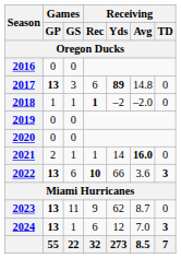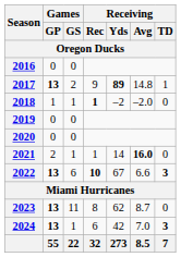 <table class="wikitable" style="text-align:center;">
 <tr>
 <th rowspan="2">Season</th>
 <th colspan="2">Games</th>
 <th colspan="5">Receiving</th>
 </tr>
 <tr>
 <th>GP</th>
 <th>GS</th>
 <th>Rec</th>
 <th>Yds</th>
 <th>Avg</th>
 <th>TD</th>
 </tr>
 <tr>
 <th colspan="7">Oregon Ducks</th>
 </tr>
 <tr>
 <th><a href='#'>2016</a></th>
 <td>0</td>
 <td>0</td>
 <td colspan="4"></td>
 </tr>
 <tr>
 <th><a href='#'>2017</a></th>
 <td><strong>13</strong></td>
-<td>3</td>
-<td>6</td>
+<td>2</td>
+<td>9</td>
 <td><strong>89</strong></td>
 <td>14.8</td>
-<td>0</td>
+<td>1</td>
 </tr>
 <tr>
 <th><a href='#'>2018</a></th>
 <td>1</td>
 <td>1</td>
 <td><strong>1</strong></td>
 <td>–2</td>
 <td>–2.0</td>
 <td>0</td>
 </tr>
 <tr>
 <th><a href='#'>2019</a></th>
 <td>0</td>
 <td>0</td>
 <td colspan="4"></td>
 </tr>
 <tr>
 <th><a href='#'>2020</a></th>
 <td>0</td>
 <td>0</td>
 <td colspan="4"></td>
 </tr>
 <tr>
 <th><a href='#'>2021</a></th>
 <td>2</td>
 <td>1</td>
 <td>1</td>
 <td>14</td>
 <td><strong>16.0</strong></td>
 <td>0</td>
 </tr>
 <tr>
 <th><a href='#'>2022</a></th>
 <td><strong>13</strong></td>
 <td>6</td>
 <td><strong>10</strong></td>
-<td>66</td>
-<td>3.6</td>
+<td>67</td>
+<td>6.6</td>
 <td><strong>3</strong></td>
 </tr>
 <tr>
 <th colspan="7">Miami Hurricanes</th>
 </tr>
 <tr>
 <th><a href='#'>2023</a></th>
 <td><strong>13</strong></td>
 <td>11</td>
-<td>9</td>
+<td>8</td>
 <td>62</td>
 <td>8.7</td>
 <td>0</td>
 </tr>
 <tr>
 <th><a href='#'>2024</a></th>
 <td><strong>13</strong></td>
 <td>1</td>
 <td>6</td>
-<td>12</td>
+<td>42</td>
 <td>7.0</td>
 <td><strong>3</strong></td>
 </tr>
 <tr>
 <th></th>
 <th>55</th>
 <th>22</th>
 <th>32</th>
 <th>273</th>
 <th>8.5</th>
 <th>7</th>
 </tr>
 </table>
